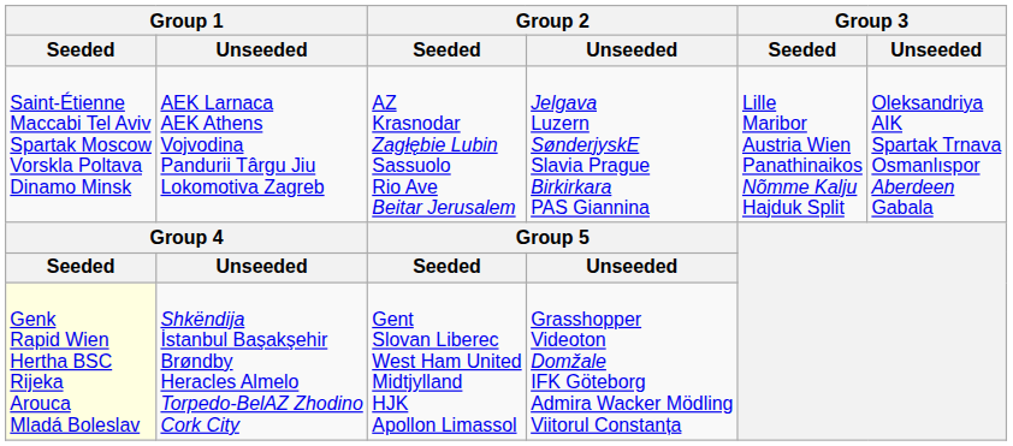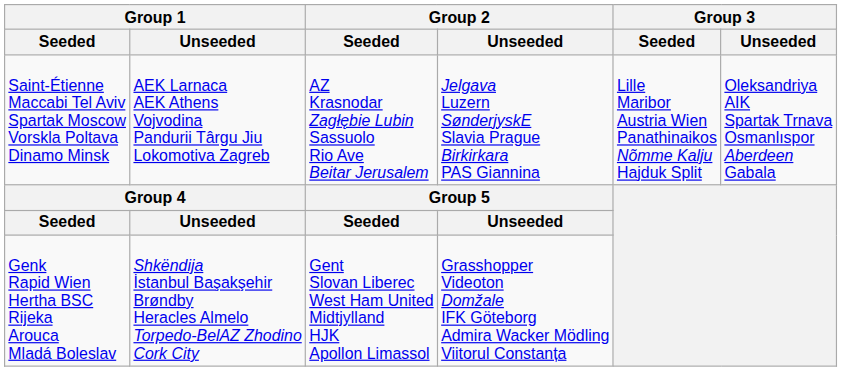 <table class="wikitable" style="font-size:85%">
 <tr>
 <th colspan=2>Group 1</th>
 <th colspan=2>Group 2</th>
 <th colspan=2>Group 3</th>
 </tr>
 <tr>
 <th>Seeded</th>
 <th>Unseeded</th>
 <th>Seeded</th>
 <th>Unseeded</th>
 <th>Seeded</th>
 <th>Unseeded</th>
 </tr>
 <tr>
 <td valign=top><br> <a href='#'>Saint-Étienne</a> <br>  <a href='#'>Maccabi Tel Aviv</a> <br>  <a href='#'>Spartak Moscow</a> <br>  <a href='#'>Vorskla Poltava</a> <br>  <a href='#'>Dinamo Minsk</a> </td>
 <td valign=top><br> <a href='#'>AEK Larnaca</a> <br>  <a href='#'>AEK Athens</a> <br>  <a href='#'>Vojvodina</a> <br>  <a href='#'>Pandurii Târgu Jiu</a> <br>  <a href='#'>Lokomotiva Zagreb</a> </td>
 <td valign=top><br> <a href='#'>AZ</a> <br>  <a href='#'>Krasnodar</a> <br>  <em><a href='#'>Zagłębie Lubin</a></em> <br>  <a href='#'>Sassuolo</a> <br>  <a href='#'>Rio Ave</a> <br>  <em><a href='#'>Beitar Jerusalem</a></em> </td>
 <td valign=top><br> <em><a href='#'>Jelgava</a></em> <br>  <a href='#'>Luzern</a> <br>  <em><a href='#'>SønderjyskE</a></em> <br>  <a href='#'>Slavia Prague</a> <br>  <em><a href='#'>Birkirkara</a></em> <br>  <a href='#'>PAS Giannina</a> </td>
 <td valign=top><br> <a href='#'>Lille</a> <br>  <a href='#'>Maribor</a> <br>  <a href='#'>Austria Wien</a> <br>  <a href='#'>Panathinaikos</a> <br>  <em><a href='#'>Nõmme Kalju</a></em> <br>  <a href='#'>Hajduk Split</a> </td>
 <td valign=top><br> <a href='#'>Oleksandriya</a> <br>  <a href='#'>AIK</a> <br>  <a href='#'>Spartak Trnava</a> <br>  <a href='#'>Osmanlıspor</a> <br>  <em><a href='#'>Aberdeen</a></em> <br>  <a href='#'>Gabala</a> </td>
 </tr>
 <tr>
 <th colspan=2>Group 4</th>
 <th colspan=2>Group 5</th>
 <th rowspan=3 colspan=2></th>
 </tr>
 <tr>
 <th>Seeded</th>
 <th>Unseeded</th>
 <th>Seeded</th>
 <th>Unseeded</th>
 </tr>
 <tr>
-<td valign=top style="background: lightyellow;"><br> <a href='#'>Genk</a> <br>  <a href='#'>Rapid Wien</a> <br>  <a href='#'>Hertha BSC</a> <br>  <a href='#'>Rijeka</a> <br>  <a href='#'>Arouca</a> <br>  <a href='#'>Mladá Boleslav</a> </td>
+<td valign=top><br> <a href='#'>Genk</a> <br>  <a href='#'>Rapid Wien</a> <br>  <a href='#'>Hertha BSC</a> <br>  <a href='#'>Rijeka</a> <br>  <a href='#'>Arouca</a> <br>  <a href='#'>Mladá Boleslav</a> </td>
 <td valign=top><br> <em><a href='#'>Shkëndija</a></em> <br>  <a href='#'>İstanbul Başakşehir</a> <br>  <a href='#'>Brøndby</a> <br>  <a href='#'>Heracles Almelo</a> <br>  <em><a href='#'>Torpedo-BelAZ Zhodino</a></em> <br>  <em><a href='#'>Cork City</a></em> </td>
 <td valign=top><br> <a href='#'>Gent</a> <br>  <a href='#'>Slovan Liberec</a> <br>  <a href='#'>West Ham United</a> <br>  <a href='#'>Midtjylland</a> <br>  <a href='#'>HJK</a> <br>  <a href='#'>Apollon Limassol</a> </td>
 <td valign=top><br> <a href='#'>Grasshopper</a> <br>  <a href='#'>Videoton</a> <br>  <em><a href='#'>Domžale</a></em> <br>  <a href='#'>IFK Göteborg</a> <br>  <a href='#'>Admira Wacker Mödling</a> <br>  <a href='#'>Viitorul Constanța</a> </td>
 </tr>
 </table>
